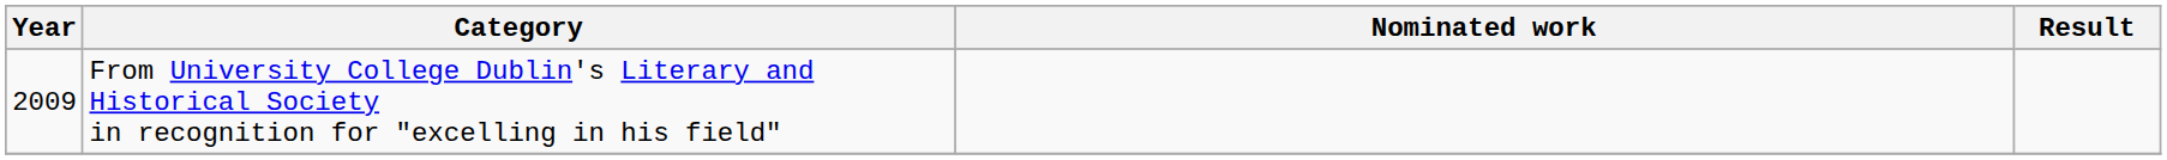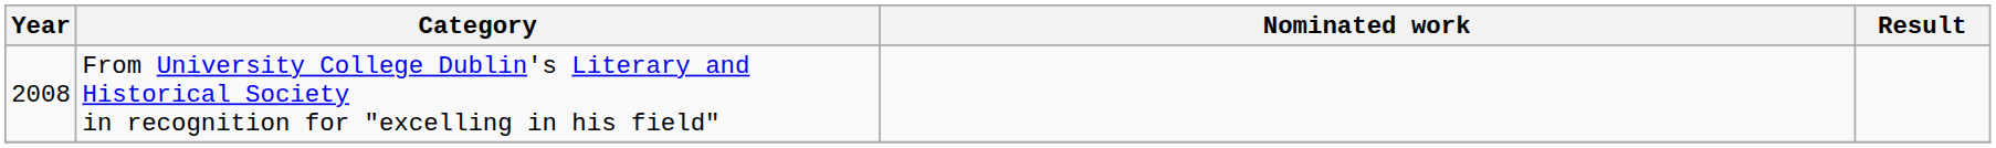 <table class=wikitable>
 <tr>
 <th scope="col" style="width:1em;">Year</th>
 <th scope="col" style="width:32em;">Category</th>
 <th scope="col" style="width:39em;">Nominated work</th>
 <th scope="col" style="width:5em;">Result</th>
 </tr>
 <tr>
-<td>2009</td>
+<td>2008</td>
 <td>From <a href='#'>University College Dublin</a>'s <a href='#'>Literary and Historical Society</a><br>in recognition for "excelling in his field"</td>
 <td></td>
 <td></td>
 </tr>
 <tr>
 </tr>
 </table>
